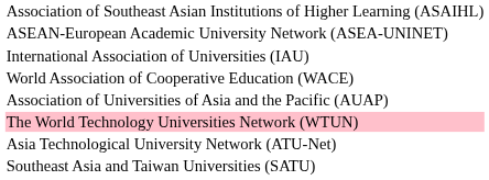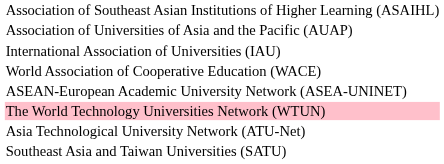 <table>
 <tr>
 <td>Association of Southeast Asian Institutions of Higher Learning (ASAIHL)</td>
 </tr>
 <tr>
-<td>ASEAN-European Academic University Network (ASEA-UNINET)</td>
+<td>Association of Universities of Asia and the Pacific (AUAP)</td>
 </tr>
 <tr>
 <td>International Association of Universities (IAU)</td>
 </tr>
 <tr>
 <td>World Association of Cooperative Education (WACE)</td>
 </tr>
 <tr>
-<td>Association of Universities of Asia and the Pacific (AUAP)</td>
+<td>ASEAN-European Academic University Network (ASEA-UNINET)</td>
 </tr>
 <tr>
 <td style="background: pink;">The World Technology Universities Network (WTUN)</td>
 </tr>
 <tr>
 <td>Asia Technological University Network (ATU-Net)</td>
 </tr>
 <tr>
 <td>Southeast Asia and Taiwan Universities (SATU)</td>
 </tr>
 </table>
